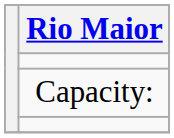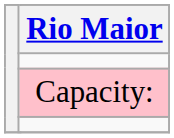 <table class="wikitable" style="text-align:center">
 <tr>
 <th rowspan="4" colspan="2"></th>
 <th><a href='#'>Rio Maior</a></th>
 </tr>
 <tr>
 <td></td>
 </tr>
 <tr>
-<td>Capacity:</td>
+<td style="background: pink;">Capacity:</td>
 </tr>
 <tr>
 <td></td>
 </tr>
 <tr>
 </tr>
 </table>
